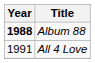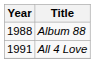 <table class="wikitable" border="1">
 <tr>
 <th>Year</th>
 <th>Title</th>
 </tr>
 <tr>
-<td><strong>1988</strong></td>
+<td>1988</td>
 <td><em>Album 88</em></td>
 </tr>
 <tr>
 <td>1991</td>
 <td><em>All 4 Love</em></td>
 </tr>
 <tr>
 </tr>
 </table>
